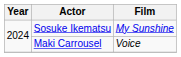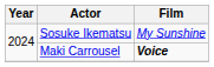 <table class="wikitable sortable">
 <tr>
 <th>Year</th>
 <th>Actor</th>
 <th>Film</th>
 </tr>
 <tr>
 <td rowspan=2>2024</td>
 <td><a href='#'>Sosuke Ikematsu</a></td>
 <td><em><a href='#'>My Sunshine</a></em></td>
 </tr>
 <tr>
 <td><a href='#'>Maki Carrousel</a></td>
-<td><em>Voice</em></td>
+<td><strong><em>Voice</em></strong></td>
 </tr>
 <tr>
 </tr>
 </table>
